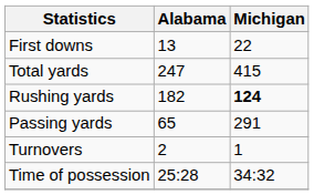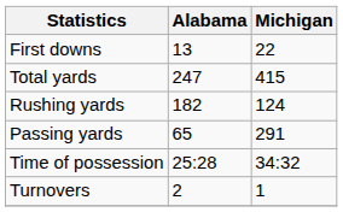 <table class="wikitable" style="float: left;">
 <tr>
 <th>Statistics</th>
 <th>Alabama</th>
 <th>Michigan</th>
 </tr>
 <tr>
 <td>First downs</td>
 <td>13</td>
 <td>22</td>
 </tr>
 <tr>
 <td>Total yards</td>
 <td>247</td>
 <td>415</td>
 </tr>
 <tr>
 <td>Rushing yards</td>
 <td>182</td>
-<td><strong>124</strong></td>
+<td>124</td>
 </tr>
 <tr>
 <td>Passing yards</td>
 <td>65</td>
 <td>291</td>
 </tr>
 <tr>
+<td>Time of possession</td>
+<td>25:28</td>
+<td>34:32</td>
+</tr>
+<tr>
 <td>Turnovers</td>
 <td>2</td>
 <td>1</td>
 </tr>
 <tr>
-<td>Time of possession</td>
-<td>25:28</td>
-<td>34:32</td>
-</tr>
-<tr>
 </tr>
 </table>
